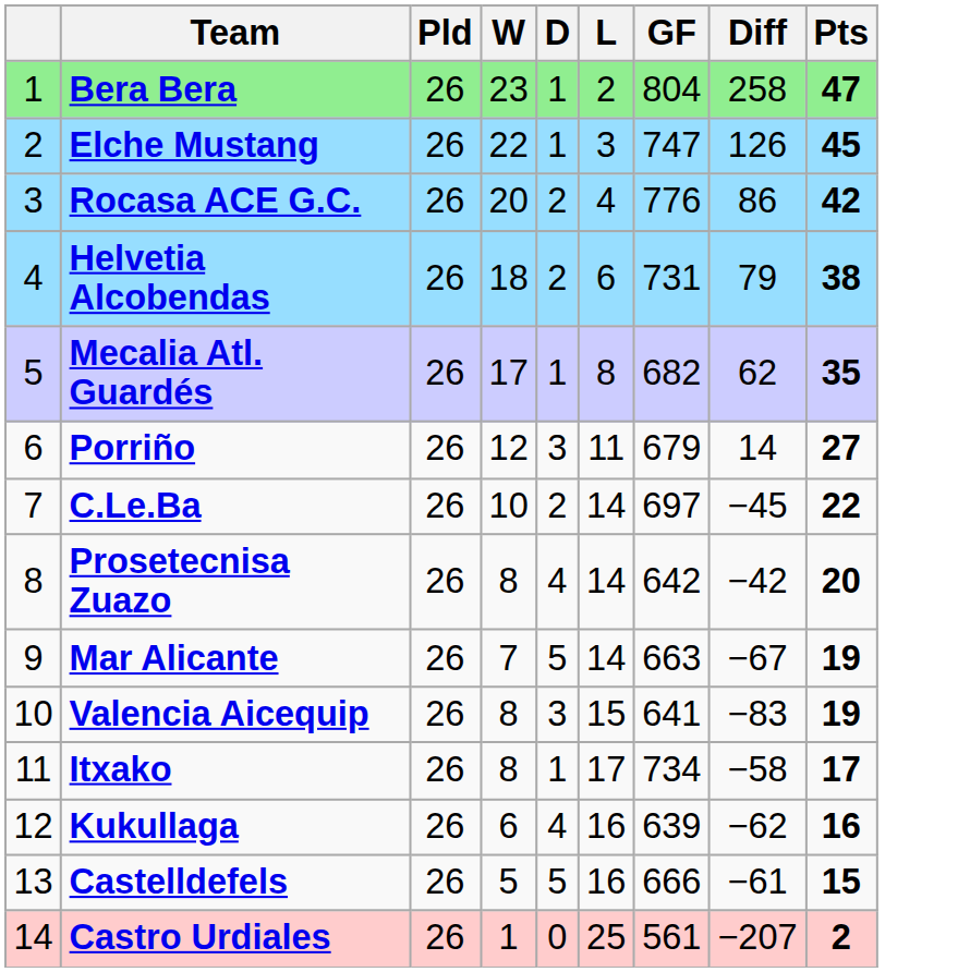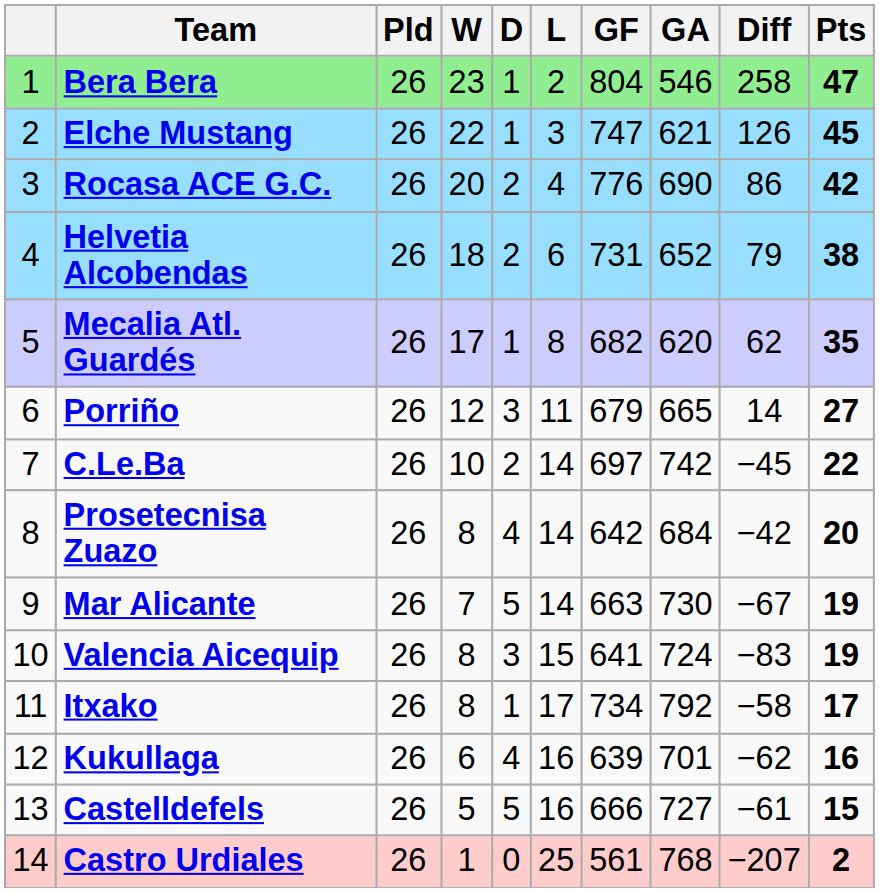 <table class="wikitable sortable" style="text-align:center">
 <tr>
 <th></th>
 <th width="150">Team</th>
 <th>Pld</th>
 <th>W</th>
 <th>D</th>
 <th>L</th>
 <th>GF</th>
+<th>GA</th>
 <th>Diff</th>
 <th>Pts</th>
 </tr>
 <tr style="background: #90EE90;">
 <td>1</td>
 <td align="left"><strong><a href='#'>Bera Bera</a></strong></td>
 <td>26</td>
 <td>23</td>
 <td>1</td>
 <td>2</td>
 <td>804</td>
+<td>546</td>
 <td>258</td>
 <td><strong>47</strong></td>
 </tr>
 <tr style="background: #97DEFF;">
 <td>2</td>
 <td align="left"><strong><a href='#'>Elche Mustang</a></strong></td>
 <td>26</td>
 <td>22</td>
 <td>1</td>
 <td>3</td>
 <td>747</td>
+<td>621</td>
 <td>126</td>
 <td><strong>45</strong></td>
 </tr>
 <tr style="background: #97DEFF;">
 <td>3</td>
 <td align="left"><strong><a href='#'>Rocasa ACE G.C.</a></strong></td>
 <td>26</td>
 <td>20</td>
 <td>2</td>
 <td>4</td>
 <td>776</td>
+<td>690</td>
 <td>86</td>
 <td><strong>42</strong></td>
 </tr>
 <tr style="background: #97DEFF;">
 <td>4</td>
 <td align="left"><strong><a href='#'>Helvetia Alcobendas</a></strong></td>
 <td>26</td>
 <td>18</td>
 <td>2</td>
 <td>6</td>
 <td>731</td>
+<td>652</td>
 <td>79</td>
 <td><strong>38</strong></td>
 </tr>
 <tr style="background: #ccccff;">
 <td>5</td>
 <td align="left"><strong><a href='#'>Mecalia Atl. Guardés</a></strong></td>
 <td>26</td>
 <td>17</td>
 <td>1</td>
 <td>8</td>
 <td>682</td>
+<td>620</td>
 <td>62</td>
 <td><strong>35</strong></td>
 </tr>
 <tr>
 <td>6</td>
 <td align="left"><strong><a href='#'>Porriño</a></strong></td>
 <td>26</td>
 <td>12</td>
 <td>3</td>
 <td>11</td>
 <td>679</td>
+<td>665</td>
 <td>14</td>
 <td><strong>27</strong></td>
 </tr>
 <tr>
 <td>7</td>
 <td align="left"><strong><a href='#'>C.Le.Ba</a></strong></td>
 <td>26</td>
 <td>10</td>
 <td>2</td>
 <td>14</td>
 <td>697</td>
+<td>742</td>
 <td>−45</td>
 <td><strong>22</strong></td>
 </tr>
 <tr>
 <td>8</td>
 <td align="left"><strong><a href='#'>Prosetecnisa Zuazo</a></strong></td>
 <td>26</td>
 <td>8</td>
 <td>4</td>
 <td>14</td>
 <td>642</td>
+<td>684</td>
 <td>−42</td>
 <td><strong>20</strong></td>
 </tr>
 <tr>
 <td>9</td>
 <td align="left"><strong><a href='#'>Mar Alicante</a></strong></td>
 <td>26</td>
 <td>7</td>
 <td>5</td>
 <td>14</td>
 <td>663</td>
+<td>730</td>
 <td>−67</td>
 <td><strong>19</strong></td>
 </tr>
 <tr>
 <td>10</td>
 <td align="left"><strong><a href='#'>Valencia Aicequip</a></strong></td>
 <td>26</td>
 <td>8</td>
 <td>3</td>
 <td>15</td>
 <td>641</td>
+<td>724</td>
 <td>−83</td>
 <td><strong>19</strong></td>
 </tr>
 <tr>
 <td>11</td>
 <td align="left"><strong><a href='#'>Itxako</a></strong></td>
 <td>26</td>
 <td>8</td>
 <td>1</td>
 <td>17</td>
 <td>734</td>
+<td>792</td>
 <td>−58</td>
 <td><strong>17</strong></td>
 </tr>
 <tr>
 <td>12</td>
 <td align="left"><strong><a href='#'>Kukullaga</a></strong></td>
 <td>26</td>
 <td>6</td>
 <td>4</td>
 <td>16</td>
 <td>639</td>
+<td>701</td>
 <td>−62</td>
 <td><strong>16</strong></td>
 </tr>
 <tr style="background:">
 <td>13</td>
 <td align="left"><strong><a href='#'>Castelldefels</a></strong></td>
 <td>26</td>
 <td>5</td>
 <td>5</td>
 <td>16</td>
 <td>666</td>
+<td>727</td>
 <td>−61</td>
 <td><strong>15</strong></td>
 </tr>
 <tr style="background: #FFCCCC;">
 <td>14</td>
 <td align="left"><strong><a href='#'>Castro Urdiales</a></strong></td>
 <td>26</td>
 <td>1</td>
 <td>0</td>
 <td>25</td>
 <td>561</td>
+<td>768</td>
 <td>−207</td>
 <td><strong>2</strong></td>
 </tr>
 </table>
